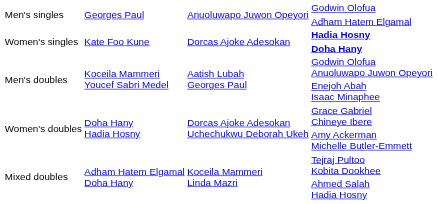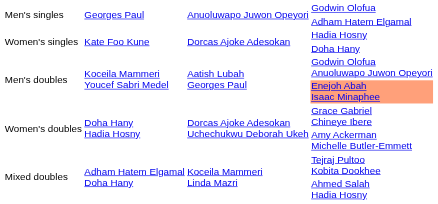 <table>
 <tr>
 <td rowspan=2>Men's singles</td>
 <td rowspan=2> <a href='#'>Georges Paul</a></td>
 <td rowspan=2> <a href='#'>Anuoluwapo Juwon Opeyori</a></td>
 <td> <a href='#'>Godwin Olofua</a></td>
 </tr>
 <tr>
 <td> <a href='#'>Adham Hatem Elgamal</a></td>
 </tr>
 <tr>
 <td rowspan=2>Women's singles</td>
 <td rowspan=2> <a href='#'>Kate Foo Kune</a></td>
 <td rowspan=2> <a href='#'>Dorcas Ajoke Adesokan</a></td>
-<td><strong> <a href='#'>Hadia Hosny</a></strong></td>
+<td> <a href='#'>Hadia Hosny</a></td>
 </tr>
 <tr>
-<td><strong> <a href='#'>Doha Hany</a></strong></td>
+<td> <a href='#'>Doha Hany</a></td>
 </tr>
 <tr>
 <td rowspan=2>Men's doubles</td>
 <td rowspan=2> <a href='#'>Koceila Mammeri</a><br> <a href='#'>Youcef Sabri Medel</a></td>
 <td rowspan=2> <a href='#'>Aatish Lubah</a><br> <a href='#'>Georges Paul</a></td>
 <td> <a href='#'>Godwin Olofua</a><br> <a href='#'>Anuoluwapo Juwon Opeyori</a></td>
 </tr>
 <tr>
-<td> <a href='#'>Enejoh Abah</a><br> <a href='#'>Isaac Minaphee</a></td>
+<td style="background: lightsalmon;"> <a href='#'>Enejoh Abah</a><br> <a href='#'>Isaac Minaphee</a></td>
 </tr>
 <tr>
 <td rowspan=2>Women's doubles</td>
 <td rowspan=2> <a href='#'>Doha Hany</a><br> <a href='#'>Hadia Hosny</a></td>
 <td rowspan=2> <a href='#'>Dorcas Ajoke Adesokan</a><br> <a href='#'>Uchechukwu Deborah Ukeh</a></td>
 <td> <a href='#'>Grace Gabriel</a><br> <a href='#'>Chineye Ibere</a></td>
 </tr>
 <tr>
 <td> <a href='#'>Amy Ackerman</a><br> <a href='#'>Michelle Butler-Emmett</a></td>
 </tr>
 <tr>
 <td rowspan=2>Mixed doubles</td>
 <td rowspan=2> <a href='#'>Adham Hatem Elgamal</a><br> <a href='#'>Doha Hany</a></td>
 <td rowspan=2> <a href='#'>Koceila Mammeri</a><br> <a href='#'>Linda Mazri</a></td>
 <td> <a href='#'>Tejraj Pultoo</a><br> <a href='#'>Kobita Dookhee</a></td>
 </tr>
 <tr>
 <td> <a href='#'>Ahmed Salah</a><br> <a href='#'>Hadia Hosny</a></td>
 </tr>
 </table>
